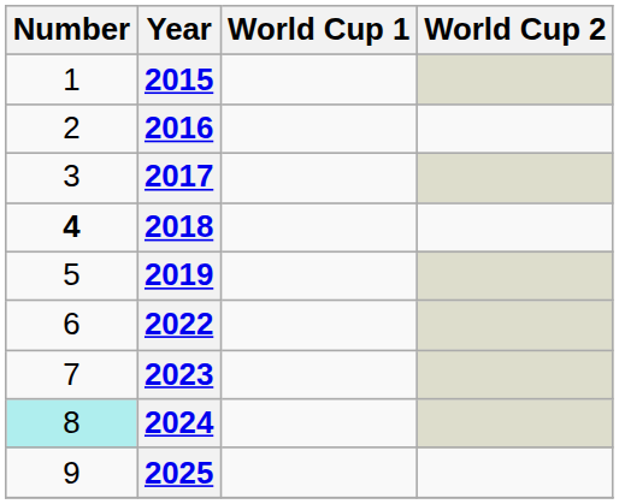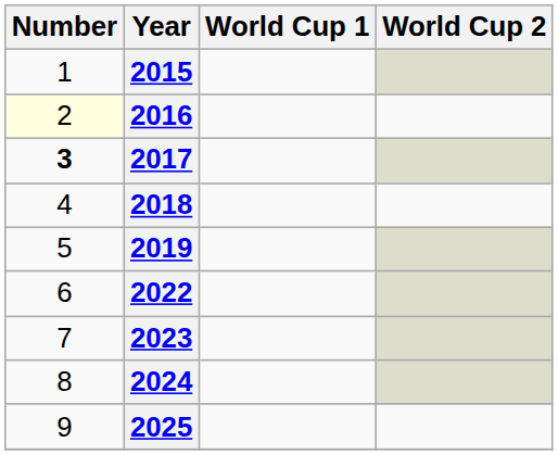 <table class="wikitable">
 <tr>
 <th>Number</th>
 <th>Year</th>
 <th>World Cup 1</th>
 <th>World Cup 2</th>
 </tr>
 <tr>
 <td align="center">1</td>
 <th><a href='#'>2015</a></th>
 <td></td>
 <td style="background: #ddddcc"></td>
 </tr>
 <tr>
-<td align="center">2</td>
+<td align="center" style="background: lightyellow;">2</td>
 <th><a href='#'>2016</a></th>
 <td></td>
 <td></td>
 </tr>
 <tr>
-<td align="center">3</td>
+<td align="center"><strong>3</strong></td>
 <th><a href='#'>2017</a></th>
 <td></td>
 <td style="background: #ddddcc"></td>
 </tr>
 <tr>
-<td align="center"><strong>4</strong></td>
+<td align="center">4</td>
 <th><a href='#'>2018</a></th>
 <td></td>
 <td></td>
 </tr>
 <tr>
 <td align="center">5</td>
 <th><a href='#'>2019</a></th>
 <td></td>
 <td style="background: #ddddcc"></td>
 </tr>
 <tr>
 <td align="center">6</td>
 <th><a href='#'>2022</a></th>
 <td></td>
 <td style="background: #ddddcc"></td>
 </tr>
 <tr>
 <td align="center">7</td>
 <th><a href='#'>2023</a></th>
 <td></td>
 <td style="background: #ddddcc"></td>
 </tr>
 <tr>
-<td align="center" style="background: paleturquoise;">8</td>
+<td align="center">8</td>
 <th><a href='#'>2024</a></th>
 <td></td>
 <td style="background: #ddddcc"></td>
 </tr>
 <tr>
 <td align="center">9</td>
 <th><a href='#'>2025</a></th>
 <td></td>
 <td></td>
 </tr>
 <tr>
 </tr>
 </table>
